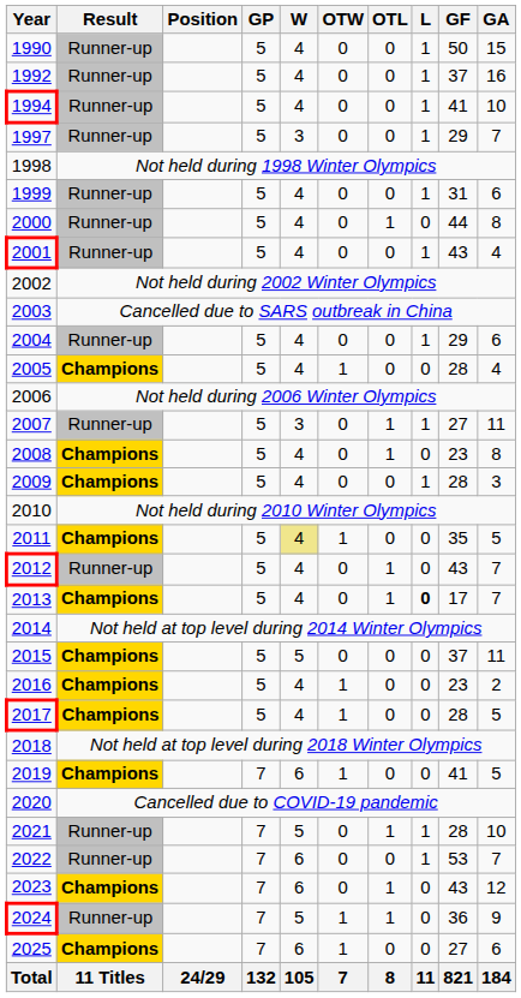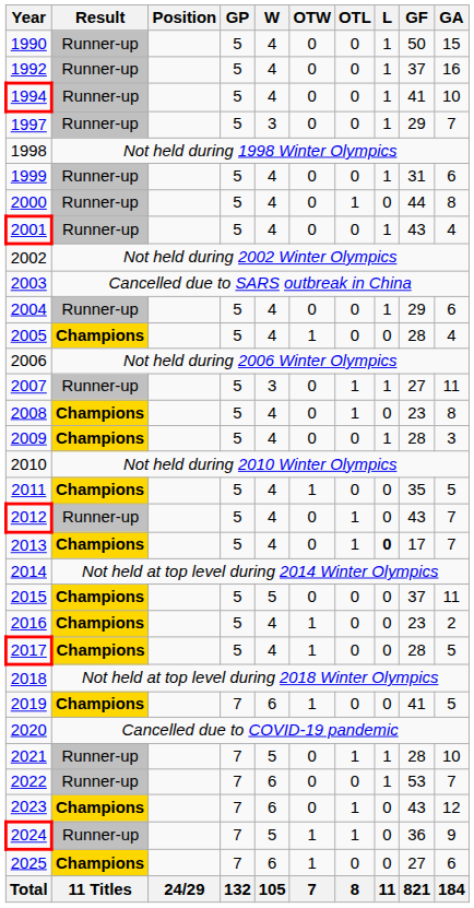 <table class="wikitable sortable" style="font-size: 100%; text-align: center;">
 <tr>
 <th>Year</th>
 <th>Result</th>
 <th>Position</th>
 <th>GP</th>
 <th>W</th>
 <th>OTW</th>
 <th>OTL</th>
 <th>L</th>
 <th>GF</th>
 <th>GA</th>
 </tr>
 <tr>
 <td> <a href='#'>1990</a></td>
 <td style="background:silver;">Runner-up</td>
 <td></td>
 <td>5</td>
 <td>4</td>
 <td>0</td>
 <td>0</td>
 <td>1</td>
 <td>50</td>
 <td>15</td>
 </tr>
 <tr>
 <td> <a href='#'>1992</a></td>
 <td style="background:silver;">Runner-up</td>
 <td></td>
 <td>5</td>
 <td>4</td>
 <td>0</td>
 <td>0</td>
 <td>1</td>
 <td>37</td>
 <td>16</td>
 </tr>
 <tr>
 <td style="border: 3px solid red"> <a href='#'>1994</a></td>
 <td style="background:silver;">Runner-up</td>
 <td></td>
 <td>5</td>
 <td>4</td>
 <td>0</td>
 <td>0</td>
 <td>1</td>
 <td>41</td>
 <td>10</td>
 </tr>
 <tr>
 <td> <a href='#'>1997</a></td>
 <td style="background:silver;">Runner-up</td>
 <td></td>
 <td>5</td>
 <td>3</td>
 <td>0</td>
 <td>0</td>
 <td>1</td>
 <td>29</td>
 <td>7</td>
 </tr>
 <tr>
 <td> 1998</td>
 <td colspan=9><em>Not held during <a href='#'>1998 Winter Olympics</a></em></td>
 </tr>
 <tr>
 <td> <a href='#'>1999</a></td>
 <td style="background:silver;">Runner-up</td>
 <td></td>
 <td>5</td>
 <td>4</td>
 <td>0</td>
 <td>0</td>
 <td>1</td>
 <td>31</td>
 <td>6</td>
 </tr>
 <tr>
 <td> <a href='#'>2000</a></td>
 <td style="background:silver;">Runner-up</td>
 <td></td>
 <td>5</td>
 <td>4</td>
 <td>0</td>
 <td>1</td>
 <td>0</td>
 <td>44</td>
 <td>8</td>
 </tr>
 <tr>
 <td style="border: 3px solid red"> <a href='#'>2001</a></td>
 <td style="background:silver;">Runner-up</td>
 <td></td>
 <td>5</td>
 <td>4</td>
 <td>0</td>
 <td>0</td>
 <td>1</td>
 <td>43</td>
 <td>4</td>
 </tr>
 <tr>
 <td> 2002</td>
 <td colspan=9><em>Not held during <a href='#'>2002 Winter Olympics</a></em></td>
 </tr>
 <tr>
 <td> <a href='#'>2003</a></td>
 <td colspan=9><em>Cancelled due to <a href='#'>SARS</a> <a href='#'>outbreak in China</a></em></td>
 </tr>
 <tr>
 <td> <a href='#'>2004</a></td>
 <td style="background:silver;">Runner-up</td>
 <td></td>
 <td>5</td>
 <td>4</td>
 <td>0</td>
 <td>0</td>
 <td>1</td>
 <td>29</td>
 <td>6</td>
 </tr>
 <tr>
 <td> <a href='#'>2005</a></td>
 <td style="background:gold;"><strong>Champions</strong></td>
 <td></td>
 <td>5</td>
 <td>4</td>
 <td>1</td>
 <td>0</td>
 <td>0</td>
 <td>28</td>
 <td>4</td>
 </tr>
 <tr>
 <td> 2006</td>
 <td colspan=9><em>Not held during <a href='#'>2006 Winter Olympics</a></em></td>
 </tr>
 <tr>
 <td> <a href='#'>2007</a></td>
 <td style="background:silver;">Runner-up</td>
 <td></td>
 <td>5</td>
 <td>3</td>
 <td>0</td>
 <td>1</td>
 <td>1</td>
 <td>27</td>
 <td>11</td>
 </tr>
 <tr>
 <td> <a href='#'>2008</a></td>
 <td style="background:gold;"><strong>Champions</strong></td>
 <td></td>
 <td>5</td>
 <td>4</td>
 <td>0</td>
 <td>1</td>
 <td>0</td>
 <td>23</td>
 <td>8</td>
 </tr>
 <tr>
 <td> <a href='#'>2009</a></td>
 <td style="background:gold;"><strong>Champions</strong></td>
 <td></td>
 <td>5</td>
 <td>4</td>
 <td>0</td>
 <td>0</td>
 <td>1</td>
 <td>28</td>
 <td>3</td>
 </tr>
 <tr>
 <td> 2010</td>
 <td colspan=9><em>Not held during <a href='#'>2010 Winter Olympics</a></em></td>
 </tr>
 <tr>
 <td> <a href='#'>2011</a></td>
 <td style="background:gold;"><strong>Champions</strong></td>
 <td></td>
 <td>5</td>
-<td style="background: khaki;">4</td>
+<td>4</td>
 <td>1</td>
 <td>0</td>
 <td>0</td>
 <td>35</td>
 <td>5</td>
 </tr>
 <tr>
 <td style="border: 3px solid red"> <a href='#'>2012</a></td>
 <td style="background:silver;">Runner-up</td>
 <td></td>
 <td>5</td>
 <td>4</td>
 <td>0</td>
 <td>1</td>
 <td>0</td>
 <td>43</td>
 <td>7</td>
 </tr>
 <tr>
 <td> <a href='#'>2013</a></td>
 <td style="background:gold;"><strong>Champions</strong></td>
 <td></td>
 <td>5</td>
 <td>4</td>
 <td>0</td>
 <td>1</td>
 <td><strong>0</strong></td>
 <td>17</td>
 <td>7</td>
 </tr>
 <tr>
 <td> <a href='#'>2014</a></td>
 <td colspan=9><em>Not held at top level during <a href='#'>2014 Winter Olympics</a></em></td>
 </tr>
 <tr>
 <td> <a href='#'>2015</a></td>
 <td style="background:gold;"><strong>Champions</strong></td>
 <td></td>
 <td>5</td>
 <td>5</td>
 <td>0</td>
 <td>0</td>
 <td>0</td>
 <td>37</td>
 <td>11</td>
 </tr>
 <tr>
 <td> <a href='#'>2016</a></td>
 <td style="background:gold;"><strong>Champions</strong></td>
 <td></td>
 <td>5</td>
 <td>4</td>
 <td>1</td>
 <td>0</td>
 <td>0</td>
 <td>23</td>
 <td>2</td>
 </tr>
 <tr>
 <td style="border: 3px solid red"> <a href='#'>2017</a></td>
 <td style="background:gold;"><strong>Champions</strong></td>
 <td></td>
 <td>5</td>
 <td>4</td>
 <td>1</td>
 <td>0</td>
 <td>0</td>
 <td>28</td>
 <td>5</td>
 </tr>
 <tr>
 <td> <a href='#'>2018</a></td>
 <td colspan=9><em>Not held at top level during <a href='#'>2018 Winter Olympics</a></em></td>
 </tr>
 <tr>
 <td> <a href='#'>2019</a></td>
 <td style="background:gold;"><strong>Champions</strong></td>
 <td></td>
 <td>7</td>
 <td>6</td>
 <td>1</td>
 <td>0</td>
 <td>0</td>
 <td>41</td>
 <td>5</td>
 </tr>
 <tr>
 <td> <a href='#'>2020</a></td>
 <td colspan=9><em>Cancelled due to <a href='#'>COVID-19 pandemic</a></em></td>
 </tr>
 <tr>
 <td> <a href='#'>2021</a></td>
 <td style="background:silver;">Runner-up</td>
 <td></td>
 <td>7</td>
 <td>5</td>
 <td>0</td>
 <td>1</td>
 <td>1</td>
 <td>28</td>
 <td>10</td>
 </tr>
 <tr>
 <td> <a href='#'>2022</a></td>
 <td style="background:silver;">Runner-up</td>
 <td></td>
 <td>7</td>
 <td>6</td>
 <td>0</td>
 <td>0</td>
 <td>1</td>
 <td>53</td>
 <td>7</td>
 </tr>
 <tr>
 <td> <a href='#'>2023</a></td>
 <td style="background:gold;"><strong>Champions</strong></td>
 <td></td>
 <td>7</td>
 <td>6</td>
 <td>0</td>
 <td>1</td>
 <td>0</td>
 <td>43</td>
 <td>12</td>
 </tr>
 <tr>
 <td style="border: 3px solid red"> <a href='#'>2024</a></td>
 <td style="background:silver;">Runner-up</td>
 <td></td>
 <td>7</td>
 <td>5</td>
 <td>1</td>
 <td>1</td>
 <td>0</td>
 <td>36</td>
 <td>9</td>
 </tr>
 <tr>
 <td> <a href='#'>2025</a></td>
 <td style="background:gold;"><strong>Champions</strong></td>
 <td></td>
 <td>7</td>
 <td>6</td>
 <td>1</td>
 <td>0</td>
 <td>0</td>
 <td>27</td>
 <td>6</td>
 </tr>
 <tr>
 <th>Total</th>
 <th>11 Titles</th>
 <th>24/29</th>
 <th>132</th>
 <th>105</th>
 <th>7</th>
 <th>8</th>
 <th>11</th>
 <th>821</th>
 <th>184</th>
 </tr>
 </table>
